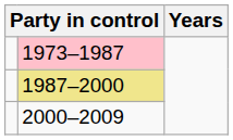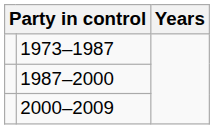 <table class="wikitable">
 <tr>
 <th colspan="2">Party in control</th>
 <th>Years</th>
 </tr>
 <tr>
 <td></td>
-<td style="background: pink;">1973–1987</td>
+<td>1973–1987</td>
 </tr>
 <tr>
 <td></td>
-<td style="background: khaki;">1987–2000</td>
+<td>1987–2000</td>
 </tr>
 <tr>
 <td></td>
 <td>2000–2009</td>
 </tr>
 </table>
